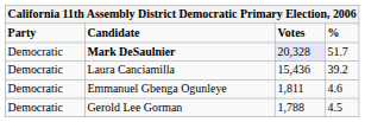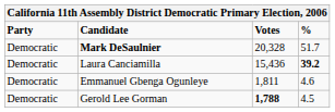 <table class="wikitable">
 <tr>
 <th colspan="4">California 11th Assembly District Democratic Primary Election, 2006</th>
 </tr>
 <tr>
 <td><strong>Party</strong></td>
 <td><strong>Candidate</strong></td>
 <td><strong>Votes</strong></td>
 <td><strong>%</strong></td>
 </tr>
 <tr>
 <td>Democratic</td>
 <td><strong>Mark DeSaulnier</strong></td>
-<td style="background: lavender;">20,328</td>
+<td>20,328</td>
 <td>51.7</td>
 </tr>
 <tr>
 <td>Democratic</td>
 <td>Laura Canciamilla</td>
 <td>15,436</td>
-<td>39.2</td>
+<td><strong>39.2</strong></td>
 </tr>
 <tr>
 <td>Democratic</td>
 <td>Emmanuel Gbenga Ogunleye</td>
 <td>1,811</td>
 <td>4.6</td>
 </tr>
 <tr>
 <td>Democratic</td>
 <td>Gerold Lee Gorman</td>
-<td>1,788</td>
+<td><strong>1,788</strong></td>
 <td>4.5</td>
 </tr>
 </table>
